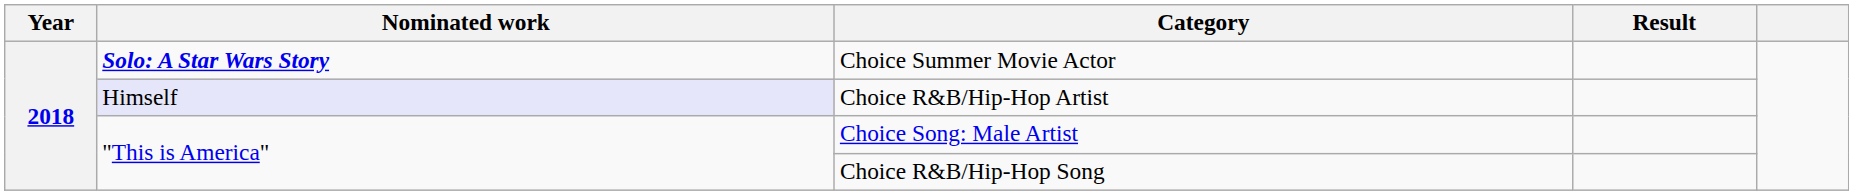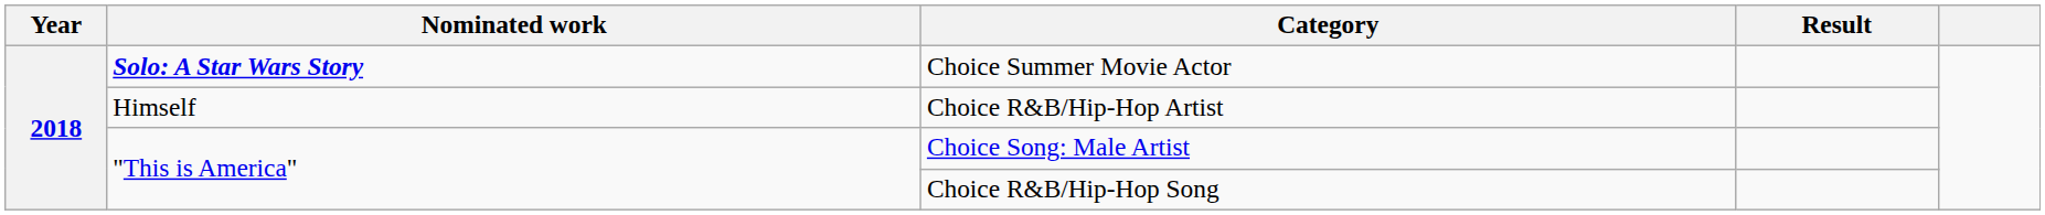 <table class="wikitable plainrowheaders" style="width:100%;">
 <tr>
 <th scope="col" style="width:5%;">Year</th>
 <th scope="col" style="width:40%;">Nominated work</th>
 <th scope="col" style="width:40%;">Category</th>
 <th scope="col" style="width:10%;">Result</th>
 <th scope="col" style="width:5%;"></th>
 </tr>
 <tr>
 <th scope="row" style="text-align:center;" rowspan="4"><a href='#'>2018</a></th>
 <td><strong><em><a href='#'>Solo: A Star Wars Story</a></em></strong></td>
 <td>Choice Summer Movie Actor</td>
 <td></td>
 <td style="text-align:center;" rowspan="4"></td>
 </tr>
 <tr>
-<td style="background: lavender;">Himself</td>
+<td>Himself</td>
 <td>Choice R&B/Hip-Hop Artist</td>
 <td></td>
 </tr>
 <tr>
 <td rowspan="2">"<a href='#'>This is America</a>"</td>
 <td><a href='#'>Choice Song: Male Artist</a></td>
 <td></td>
 </tr>
 <tr>
 <td>Choice R&B/Hip-Hop Song</td>
 <td></td>
 </tr>
 </table>
